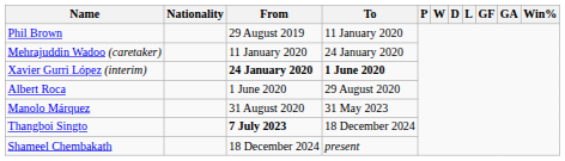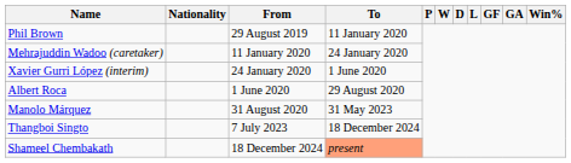 <table class="wikitable plainrowheaders sortable" style="text-align:center">
 <tr>
 <th>Name</th>
 <th>Nationality</th>
 <th>From</th>
 <th class="unsortable">To</th>
 <th>P</th>
 <th>W</th>
 <th>D</th>
 <th>L</th>
 <th>GF</th>
 <th>GA</th>
 <th>Win%</th>
 </tr>
 <tr>
 <td scope=row style=text-align:left><a href='#'>Phil Brown</a></td>
 <td align=left></td>
 <td align=left>29 August 2019</td>
 <td align=left>11 January 2020<br></td>
 </tr>
 <tr>
 <td scope=row style=text-align:left><a href='#'>Mehrajuddin Wadoo</a> <em>(caretaker)</em></td>
 <td align="left"></td>
 <td align=left>11 January 2020</td>
 <td align=left>24 January 2020<br></td>
 </tr>
 <tr>
 <td scope=row style=text-align:left><a href='#'>Xavier Gurri López</a> <em>(interim)</em></td>
 <td align=left></td>
-<td align=left><strong>24 January 2020</strong></td>
-<td align=left><strong>1 June 2020<br></strong></td>
+<td align=left>24 January 2020</td>
+<td align=left>1 June 2020<br></td>
 </tr>
 <tr>
 <td scope=row style=text-align:left><a href='#'>Albert Roca</a></td>
 <td align=left></td>
 <td align=left>1 June 2020</td>
 <td align=left>29 August 2020<br></td>
 </tr>
 <tr>
 <td scope=row style=text-align:left><a href='#'>Manolo Márquez</a></td>
 <td align=left></td>
 <td align=left>31 August 2020</td>
 <td align=left>31 May 2023<br></td>
 </tr>
 <tr>
 <td scope=row style=text-align:left><a href='#'>Thangboi Singto</a></td>
 <td align=left></td>
-<td align=left><strong>7 July 2023</strong></td>
+<td align=left>7 July 2023</td>
 <td align=left>18 December 2024<br></td>
 </tr>
 <tr>
 <td scope=row style=text-align:left><a href='#'>Shameel Chembakath</a></td>
 <td align=left></td>
 <td align=left>18 December 2024</td>
-<td align=left><em>present</em><br></td>
+<td align=left style="background: lightsalmon;"><em>present</em><br></td>
 </tr>
 </table>
